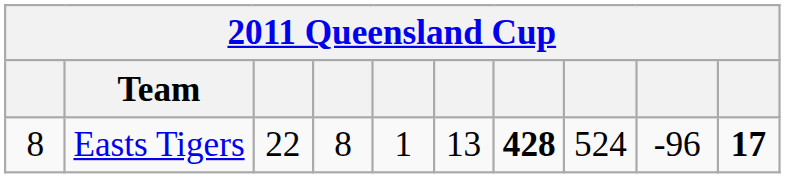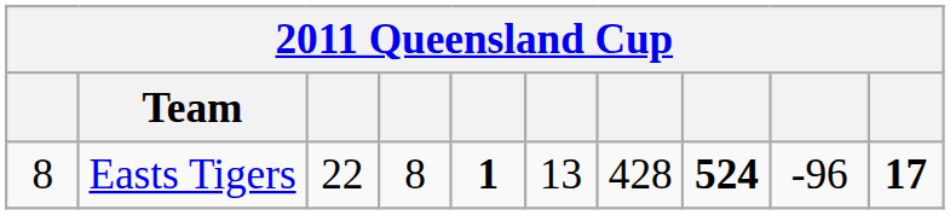 <table class="wikitable" style="text-align:center;">
 <tr>
 <th colspan="11"><a href='#'>2011 Queensland Cup</a></th>
 </tr>
 <tr>
 <th width="20"></th>
 <th>Team</th>
 <th width="20"></th>
 <th width="20"></th>
 <th width="20"></th>
 <th width="20"></th>
 <th width="25"></th>
 <th width="25"></th>
 <th width="30"></th>
 <th width="20"></th>
 </tr>
 <tr style="background:">
 <td>8</td>
 <td style="text-align:left;"> <a href='#'>Easts Tigers</a></td>
 <td>22</td>
 <td>8</td>
-<td>1</td>
+<td><strong>1</strong></td>
 <td>13</td>
-<td><strong>428</strong></td>
-<td>524</td>
+<td>428</td>
+<td><strong>524</strong></td>
 <td>-96</td>
 <td><strong>17</strong></td>
 </tr>
 </table>
